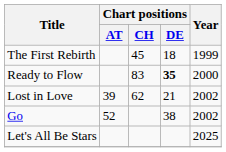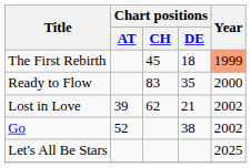 <table class="wikitable">
 <tr>
 <th rowspan="2">Title</th>
 <th colspan="3">Chart positions</th>
 <th rowspan="2">Year</th>
 </tr>
 <tr>
 <th><a href='#'>AT</a></th>
 <th><a href='#'>CH</a></th>
 <th><a href='#'>DE</a></th>
 </tr>
 <tr>
 <td>The First Rebirth</td>
 <td></td>
 <td>45</td>
 <td>18</td>
-<td>1999</td>
+<td style="background: lightsalmon;">1999</td>
 </tr>
 <tr>
 <td>Ready to Flow</td>
 <td></td>
 <td>83</td>
-<td><strong>35</strong></td>
+<td>35</td>
 <td>2000</td>
 </tr>
 <tr>
 <td>Lost in Love</td>
 <td>39</td>
 <td>62</td>
 <td>21</td>
 <td>2002</td>
 </tr>
 <tr>
 <td><a href='#'>Go</a></td>
 <td>52</td>
 <td></td>
 <td>38</td>
 <td>2002</td>
 </tr>
 <tr>
 <td>Let's All Be Stars</td>
 <td></td>
 <td></td>
 <td></td>
 <td>2025</td>
 </tr>
 <tr>
 </tr>
 </table>
